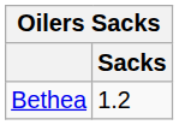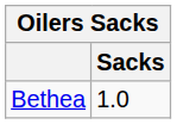 <table class="wikitable">
 <tr>
 <th colspan="2">Oilers Sacks</th>
 </tr>
 <tr>
 <th></th>
 <th>Sacks</th>
 </tr>
 <tr>
 <td><a href='#'>Bethea</a></td>
-<td>1.2</td>
+<td>1.0</td>
 </tr>
 </table>
